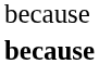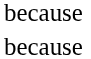 <table>
 <tr>
 <td></td>
 <td>because</td>
 <td></td>
 </tr>
 <tr>
 <td></td>
-<td><strong>because</strong></td>
+<td>because</td>
 <td></td>
 </tr>
 </table>
